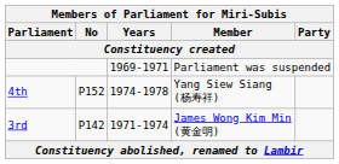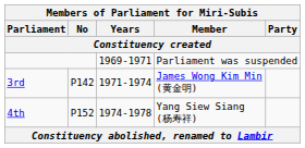 <table class=wikitable>
 <tr>
 <th colspan="5">Members of Parliament for Miri-Subis</th>
 </tr>
 <tr>
 <th>Parliament</th>
 <th>No</th>
 <th>Years</th>
 <th>Member</th>
 <th>Party</th>
 </tr>
 <tr>
 <th colspan="5" align="center"><em>Constituency created</em></th>
 </tr>
 <tr>
 <td colspan="2"></td>
 <td>1969-1971</td>
 <td colspan=2 align=center>Parliament was suspended</td>
 </tr>
 <tr>
+<td><a href='#'>3rd</a></td>
+<td>P142</td>
+<td>1971-1974</td>
+<td><a href='#'>James Wong Kim Min</a> <br> (黄金明)</td>
+<td></td>
+</tr>
+<tr>
 <td><a href='#'>4th</a></td>
 <td>P152</td>
 <td>1974-1978</td>
 <td>Yang Siew Siang <br> (杨寿祥)</td>
 <td></td>
 </tr>
 <tr>
-<td><a href='#'>3rd</a></td>
-<td>P142</td>
-<td>1971-1974</td>
-<td><a href='#'>James Wong Kim Min</a> <br> (黄金明)</td>
-<td></td>
-</tr>
-<tr>
 <th colspan="5" align="center"><em>Constituency abolished, renamed to <a href='#'>Lambir</a></em></th>
 </tr>
 </table>
